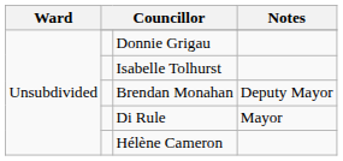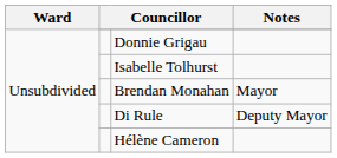 <table class="wikitable">
 <tr>
 <th>Ward</th>
 <th colspan="2">Councillor</th>
 <th>Notes</th>
 </tr>
 <tr>
 <td rowspan="7">Unsubdivided</td>
 </tr>
 <tr>
 <td> </td>
 <td>Donnie Grigau</td>
 <td></td>
 </tr>
 <tr>
 <td> </td>
 <td>Isabelle Tolhurst</td>
 <td></td>
 </tr>
 <tr>
 <td> </td>
 <td>Brendan Monahan</td>
-<td>Deputy Mayor</td>
+<td>Mayor</td>
 </tr>
 <tr>
 <td> </td>
 <td>Di Rule</td>
-<td>Mayor</td>
+<td>Deputy Mayor</td>
 </tr>
 <tr>
 <td> </td>
 <td>Hélène Cameron</td>
 <td></td>
 </tr>
 </table>
